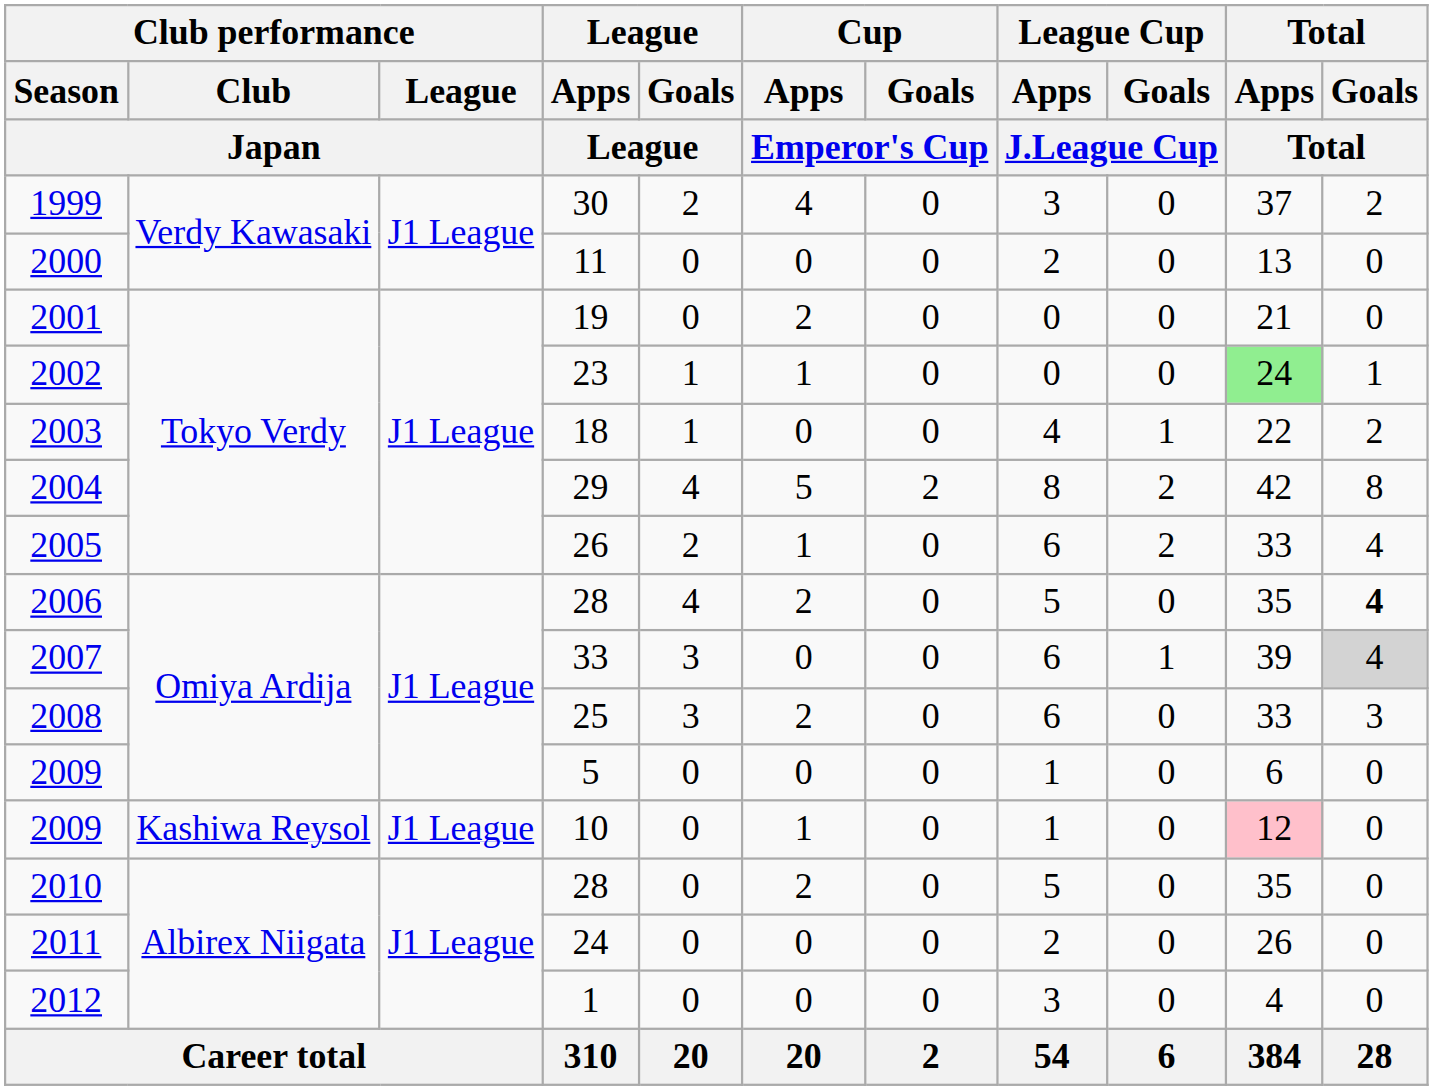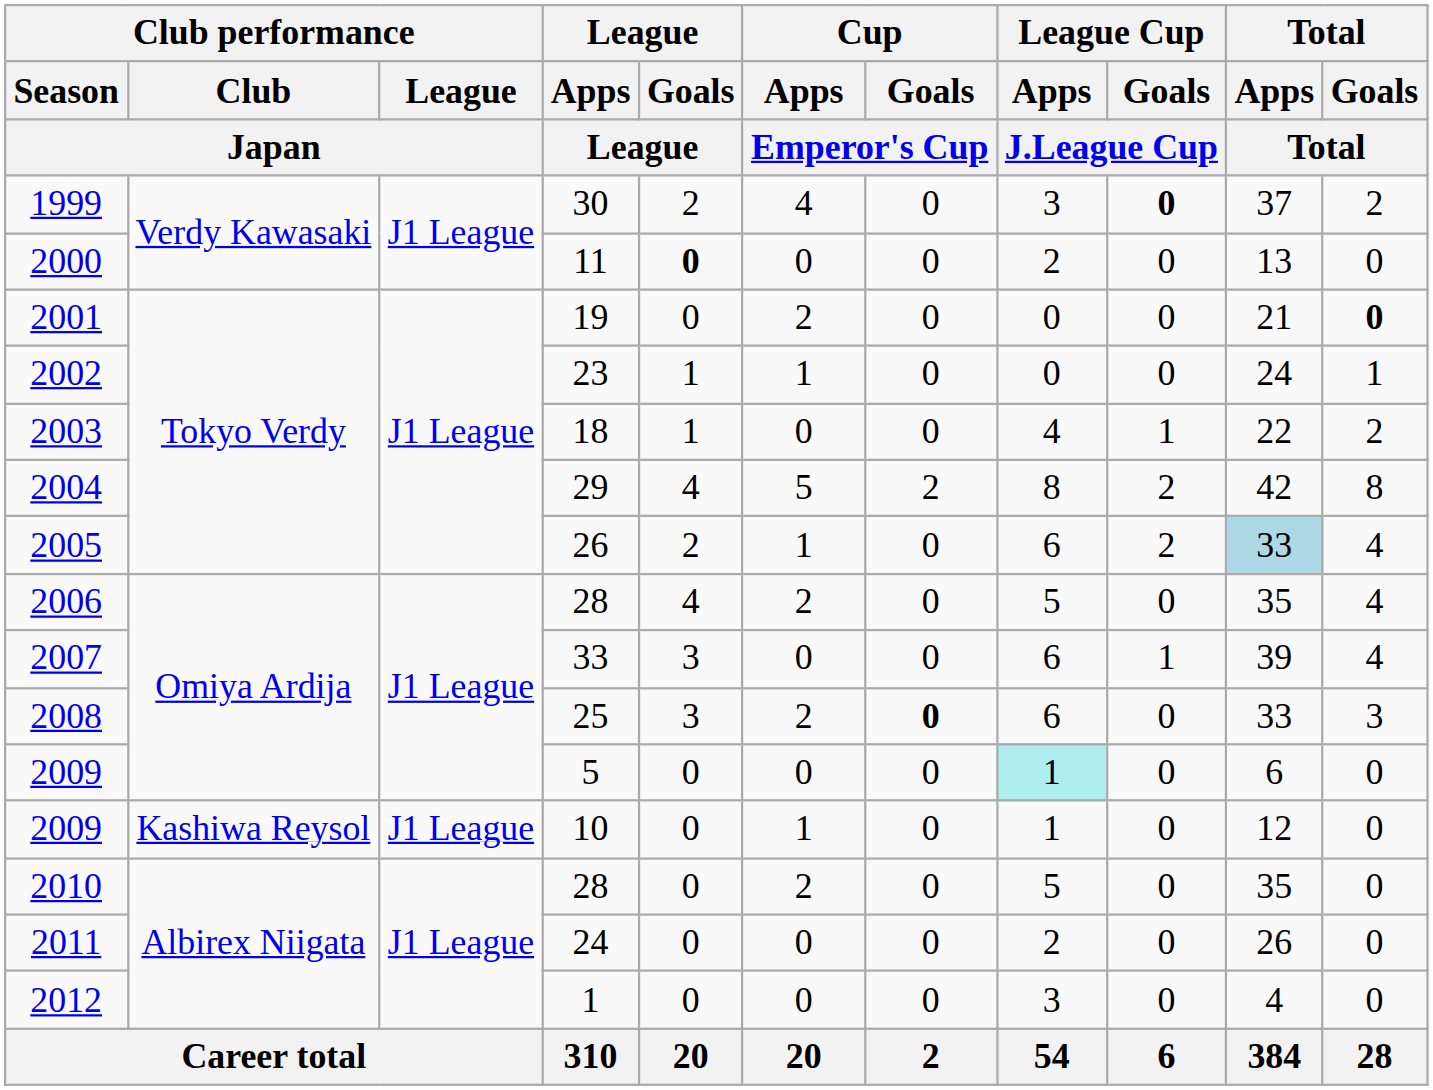 <table class="wikitable" style="text-align:center">
 <tr>
 <th colspan=3>Club performance</th>
 <th colspan=2>League</th>
 <th colspan=2>Cup</th>
 <th colspan=2>League Cup</th>
 <th colspan=2>Total</th>
 </tr>
 <tr>
 <th>Season</th>
 <th>Club</th>
 <th>League</th>
 <th>Apps</th>
 <th>Goals</th>
 <th>Apps</th>
 <th>Goals</th>
 <th>Apps</th>
 <th>Goals</th>
 <th>Apps</th>
 <th>Goals</th>
 </tr>
 <tr>
 <th colspan=3>Japan</th>
 <th colspan=2>League</th>
 <th colspan=2><a href='#'>Emperor's Cup</a></th>
 <th colspan=2><a href='#'>J.League Cup</a></th>
 <th colspan=2>Total</th>
 </tr>
 <tr>
 <td><a href='#'>1999</a></td>
 <td rowspan="2"><a href='#'>Verdy Kawasaki</a></td>
 <td rowspan="2"><a href='#'>J1 League</a></td>
 <td>30</td>
 <td>2</td>
 <td>4</td>
 <td>0</td>
 <td>3</td>
-<td>0</td>
+<td><strong>0</strong></td>
 <td>37</td>
 <td>2</td>
 </tr>
 <tr>
 <td><a href='#'>2000</a></td>
 <td>11</td>
-<td>0</td>
+<td><strong>0</strong></td>
 <td>0</td>
 <td>0</td>
 <td>2</td>
 <td>0</td>
 <td>13</td>
 <td>0</td>
 </tr>
 <tr>
 <td><a href='#'>2001</a></td>
 <td rowspan="5"><a href='#'>Tokyo Verdy</a></td>
 <td rowspan="5"><a href='#'>J1 League</a></td>
 <td>19</td>
 <td>0</td>
 <td>2</td>
 <td>0</td>
 <td>0</td>
 <td>0</td>
 <td>21</td>
-<td>0</td>
+<td><strong>0</strong></td>
 </tr>
 <tr>
 <td><a href='#'>2002</a></td>
 <td>23</td>
 <td>1</td>
 <td>1</td>
 <td>0</td>
 <td>0</td>
 <td>0</td>
-<td style="background: lightgreen;">24</td>
+<td>24</td>
 <td>1</td>
 </tr>
 <tr>
 <td><a href='#'>2003</a></td>
 <td>18</td>
 <td>1</td>
 <td>0</td>
 <td>0</td>
 <td>4</td>
 <td>1</td>
 <td>22</td>
 <td>2</td>
 </tr>
 <tr>
 <td><a href='#'>2004</a></td>
 <td>29</td>
 <td>4</td>
 <td>5</td>
 <td>2</td>
 <td>8</td>
 <td>2</td>
 <td>42</td>
 <td>8</td>
 </tr>
 <tr>
 <td><a href='#'>2005</a></td>
 <td>26</td>
 <td>2</td>
 <td>1</td>
 <td>0</td>
 <td>6</td>
 <td>2</td>
-<td>33</td>
+<td style="background: lightblue;">33</td>
 <td>4</td>
 </tr>
 <tr>
 <td><a href='#'>2006</a></td>
 <td rowspan="4"><a href='#'>Omiya Ardija</a></td>
 <td rowspan="4"><a href='#'>J1 League</a></td>
 <td>28</td>
 <td>4</td>
 <td>2</td>
 <td>0</td>
 <td>5</td>
 <td>0</td>
 <td>35</td>
-<td><strong>4</strong></td>
+<td>4</td>
 </tr>
 <tr>
 <td><a href='#'>2007</a></td>
 <td>33</td>
 <td>3</td>
 <td>0</td>
 <td>0</td>
 <td>6</td>
 <td>1</td>
 <td>39</td>
-<td style="background: lightgrey;">4</td>
+<td>4</td>
 </tr>
 <tr>
 <td><a href='#'>2008</a></td>
 <td>25</td>
 <td>3</td>
 <td>2</td>
-<td>0</td>
+<td><strong>0</strong></td>
 <td>6</td>
 <td>0</td>
 <td>33</td>
 <td>3</td>
 </tr>
 <tr>
 <td><a href='#'>2009</a></td>
 <td>5</td>
 <td>0</td>
 <td>0</td>
 <td>0</td>
-<td>1</td>
+<td style="background: paleturquoise;">1</td>
 <td>0</td>
 <td>6</td>
 <td>0</td>
 </tr>
 <tr>
 <td><a href='#'>2009</a></td>
 <td><a href='#'>Kashiwa Reysol</a></td>
 <td><a href='#'>J1 League</a></td>
 <td>10</td>
 <td>0</td>
 <td>1</td>
 <td>0</td>
 <td>1</td>
 <td>0</td>
-<td style="background: pink;">12</td>
+<td>12</td>
 <td>0</td>
 </tr>
 <tr>
 <td><a href='#'>2010</a></td>
 <td rowspan="3"><a href='#'>Albirex Niigata</a></td>
 <td rowspan="3"><a href='#'>J1 League</a></td>
 <td>28</td>
 <td>0</td>
 <td>2</td>
 <td>0</td>
 <td>5</td>
 <td>0</td>
 <td>35</td>
 <td>0</td>
 </tr>
 <tr>
 <td><a href='#'>2011</a></td>
 <td>24</td>
 <td>0</td>
 <td>0</td>
 <td>0</td>
 <td>2</td>
 <td>0</td>
 <td>26</td>
 <td>0</td>
 </tr>
 <tr>
 <td><a href='#'>2012</a></td>
 <td>1</td>
 <td>0</td>
 <td>0</td>
 <td>0</td>
 <td>3</td>
 <td>0</td>
 <td>4</td>
 <td>0</td>
 </tr>
 <tr>
 <th colspan=3>Career total</th>
 <th>310</th>
 <th>20</th>
 <th>20</th>
 <th>2</th>
 <th>54</th>
 <th>6</th>
 <th>384</th>
 <th>28</th>
 </tr>
 </table>
